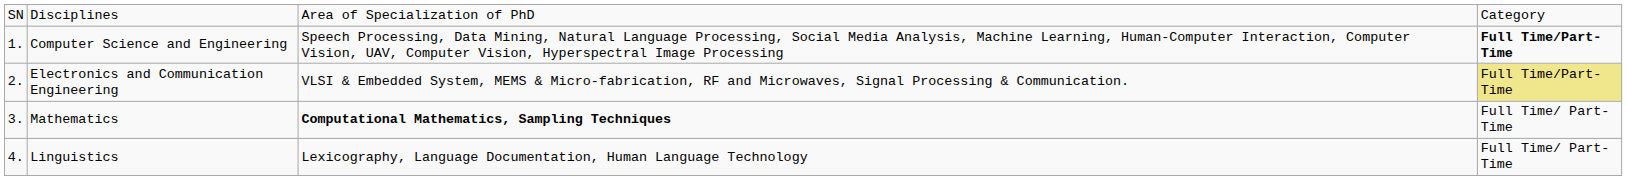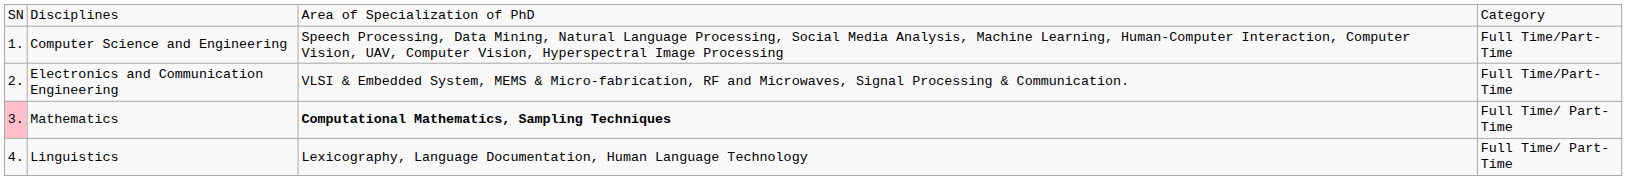 <table class="wikitable">
 <tr>
 <td>SN</td>
 <td>Disciplines</td>
 <td>Area of Specialization of PhD</td>
 <td>Category</td>
 </tr>
 <tr>
 <td>1.</td>
 <td>Computer Science and Engineering</td>
 <td>Speech Processing, Data Mining, Natural Language Processing, Social Media Analysis, Machine Learning, Human-Computer Interaction, Computer Vision, UAV, Computer Vision, Hyperspectral Image Processing</td>
-<td><strong>Full Time/Part-Time</strong></td>
+<td>Full Time/Part-Time</td>
 </tr>
 <tr>
 <td>2.</td>
 <td>Electronics and Communication Engineering</td>
 <td>VLSI & Embedded System, MEMS & Micro-fabrication, RF and Microwaves, Signal Processing & Communication.</td>
-<td style="background: khaki;">Full Time/Part-Time</td>
+<td>Full Time/Part-Time</td>
 </tr>
 <tr>
-<td>3.</td>
+<td style="background: pink;">3.</td>
 <td>Mathematics</td>
 <td><strong>Computational Mathematics, Sampling Techniques</strong></td>
 <td>Full Time/ Part-Time</td>
 </tr>
 <tr>
 <td>4.</td>
 <td>Linguistics</td>
 <td>Lexicography, Language Documentation, Human Language Technology</td>
 <td>Full Time/ Part-Time</td>
 </tr>
 </table>
